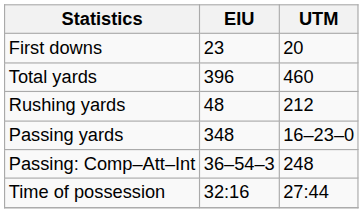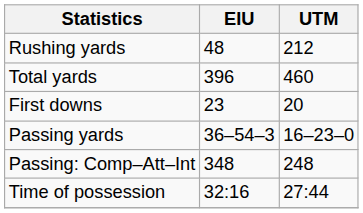 <table class="wikitable" style="float: left;">
 <tr>
 <th>Statistics</th>
 <th>EIU</th>
 <th>UTM</th>
 </tr>
 <tr>
-<td>First downs</td>
-<td>23</td>
-<td>20</td>
+<td>Rushing yards</td>
+<td>48</td>
+<td>212</td>
 </tr>
 <tr>
 <td>Total yards</td>
 <td>396</td>
 <td>460</td>
 </tr>
 <tr>
-<td>Rushing yards</td>
-<td>48</td>
-<td>212</td>
+<td>First downs</td>
+<td>23</td>
+<td>20</td>
 </tr>
 <tr>
 <td>Passing yards</td>
-<td>348</td>
+<td>36–54–3</td>
 <td>16–23–0</td>
 </tr>
 <tr>
 <td>Passing: Comp–Att–Int</td>
-<td>36–54–3</td>
+<td>348</td>
 <td>248</td>
 </tr>
 <tr>
 <td>Time of possession</td>
 <td>32:16</td>
 <td>27:44</td>
 </tr>
 <tr>
 </tr>
 </table>
